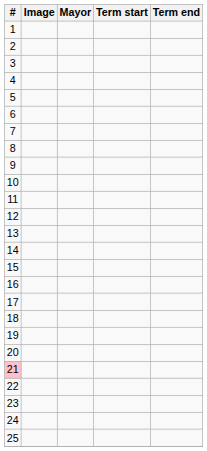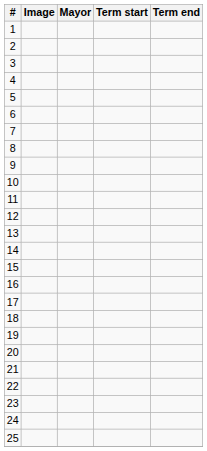 <table class="wikitable sortable">
 <tr>
 <th align=center>#</th>
 <th>Image</th>
 <th>Mayor</th>
 <th>Term start</th>
 <th>Term end</th>
 </tr>
 <tr>
 <td align=center>1</td>
 <td></td>
 <td></td>
 <td align=center></td>
 <td align=center></td>
 </tr>
 <tr>
 <td align=center>2</td>
 <td></td>
 <td></td>
 <td align=center></td>
 <td align=center></td>
 </tr>
 <tr>
 <td align=center>3</td>
 <td></td>
 <td></td>
 <td align=center></td>
 <td align=center></td>
 </tr>
 <tr>
 <td align=center>4</td>
 <td></td>
 <td></td>
 <td align=center></td>
 <td align=center></td>
 </tr>
 <tr>
 <td align=center>5</td>
 <td></td>
 <td></td>
 <td align=center></td>
 <td align=center></td>
 </tr>
 <tr>
 <td align=center>6</td>
 <td></td>
 <td></td>
 <td align=center></td>
 <td align=center></td>
 </tr>
 <tr>
 <td align=center>7</td>
 <td></td>
 <td></td>
 <td align=center></td>
 <td align=center></td>
 </tr>
 <tr>
 <td align=center>8</td>
 <td></td>
 <td></td>
 <td align=center></td>
 <td align=center></td>
 </tr>
 <tr>
 <td align=center>9</td>
 <td></td>
 <td></td>
 <td align=center></td>
 <td align=center></td>
 </tr>
 <tr>
 <td align=center>10</td>
 <td></td>
 <td></td>
 <td align=center></td>
 <td align=center></td>
 </tr>
 <tr>
 <td align=center>11</td>
 <td></td>
 <td></td>
 <td align=center></td>
 <td align=center></td>
 </tr>
 <tr>
 <td align=center>12</td>
 <td></td>
 <td></td>
 <td align=center></td>
 <td align=center></td>
 </tr>
 <tr>
 <td align=center>13</td>
 <td></td>
 <td></td>
 <td align=center></td>
 <td align=center></td>
 </tr>
 <tr>
 <td align=center>14</td>
 <td></td>
 <td></td>
 <td align=center></td>
 <td align=center></td>
 </tr>
 <tr>
 <td align=center>15</td>
 <td></td>
 <td></td>
 <td align=center></td>
 <td align=center></td>
 </tr>
 <tr>
 <td align=center>16</td>
 <td></td>
 <td></td>
 <td align=center></td>
 <td align=center></td>
 </tr>
 <tr>
 <td align=center>17</td>
 <td></td>
 <td></td>
 <td align=center></td>
 <td align=center></td>
 </tr>
 <tr>
 <td align=center>18</td>
 <td></td>
 <td></td>
 <td align=center></td>
 <td align=center></td>
 </tr>
 <tr>
 <td align=center>19</td>
 <td></td>
 <td></td>
 <td align=center></td>
 <td align=center></td>
 </tr>
 <tr>
 <td align=center>20</td>
 <td></td>
 <td></td>
 <td align=center></td>
 <td align=center></td>
 </tr>
 <tr>
-<td align=center style="background: pink;">21</td>
+<td align=center>21</td>
 <td></td>
 <td></td>
 <td align=center></td>
 <td align=center></td>
 </tr>
 <tr>
 <td align=center>22</td>
 <td></td>
 <td></td>
 <td align=center></td>
 <td align=center></td>
 </tr>
 <tr>
 <td align=center>23</td>
 <td></td>
 <td></td>
 <td align=center></td>
 <td align=center></td>
 </tr>
 <tr>
 <td align=center>24</td>
 <td></td>
 <td></td>
 <td align=center></td>
 <td align=center></td>
 </tr>
 <tr>
 <td align=center>25</td>
 <td></td>
 <td></td>
 <td align=center></td>
 <td align=center></td>
 </tr>
 <tr>
 </tr>
 </table>
